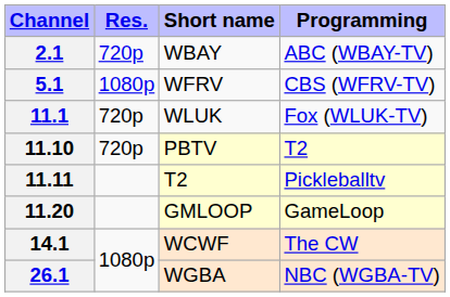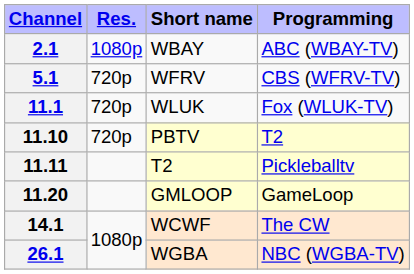 <table class="wikitable">
 <tr>
 <th style="background-color: #bdbdff" scope = "col"><a href='#'>Channel</a></th>
 <th style="background-color: #bdbdff" scope = "col"><a href='#'>Res.</a></th>
 <th style="background-color: #bdbdff" scope = "col">Short name</th>
 <th style="background-color: #bdbdff" scope = "col">Programming</th>
 </tr>
 <tr>
 <th scope = "row"><a href='#'>2.1</a></th>
-<td><a href='#'>720p</a></td>
+<td><a href='#'>1080p</a></td>
 <td>WBAY</td>
 <td><a href='#'>ABC</a> (<a href='#'>WBAY-TV</a>)</td>
 </tr>
 <tr>
 <th scope = "row"><a href='#'>5.1</a></th>
-<td><a href='#'>1080p</a></td>
+<td>720p</td>
 <td>WFRV</td>
 <td><a href='#'>CBS</a> (<a href='#'>WFRV-TV</a>)</td>
 </tr>
 <tr>
 <th scope = "row"><a href='#'>11.1</a></th>
 <td>720p</td>
 <td>WLUK</td>
 <td><a href='#'>Fox</a> (<a href='#'>WLUK-TV</a>)</td>
 </tr>
 <tr>
 <th scope = "row">11.10</th>
 <td>720p</td>
 <td style="background-color:#ffffd0">PBTV</td>
 <td style="background-color:#ffffd0"><a href='#'>T2</a></td>
 </tr>
 <tr>
 <th scope = "row">11.11</th>
 <td></td>
 <td style="background-color:#ffffd0">T2</td>
 <td style="background-color:#ffffd0"><a href='#'>Pickleballtv</a></td>
 </tr>
 <tr>
 <th scope = "row">11.20</th>
 <td></td>
 <td style="background-color:#ffffd0">GMLOOP</td>
 <td style="background-color:#ffffd0">GameLoop</td>
 </tr>
 <tr>
 <th scope = "row">14.1</th>
 <td rowspan="2">1080p</td>
 <td style="background-color:#ffe8d0">WCWF</td>
 <td style="background-color:#ffe8d0"><a href='#'>The CW</a> </td>
 </tr>
 <tr>
 <th scope = "row"><a href='#'>26.1</a></th>
 <td style="background-color:#ffe8d0">WGBA</td>
 <td style="background-color:#ffe8d0"><a href='#'>NBC</a> (<a href='#'>WGBA-TV</a>) </td>
 </tr>
 </table>
